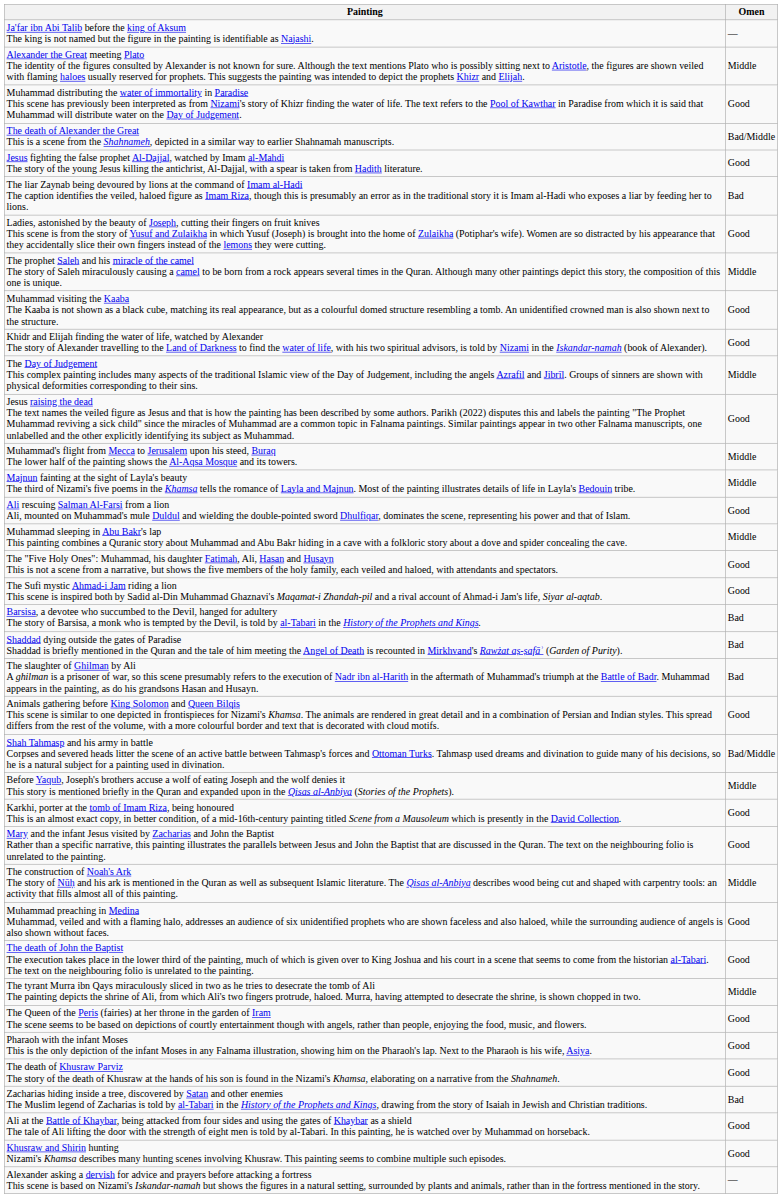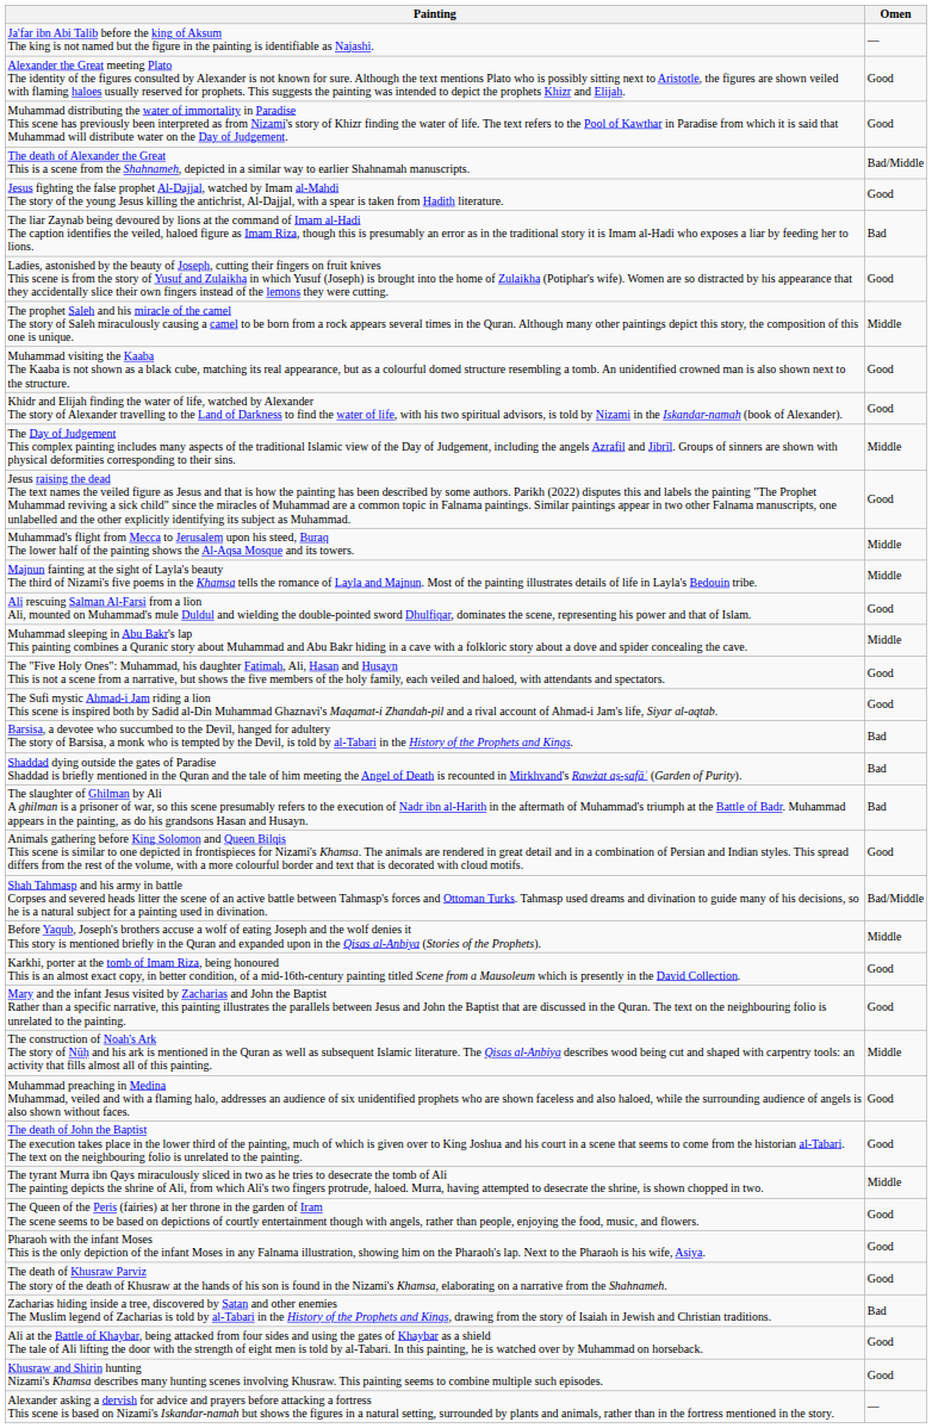 <table class="wikitable">
 <tr>
 <th>Painting</th>
 <th>Omen</th>
 </tr>
 <tr>
 <td><a href='#'>Ja'far ibn Abi Talib</a> before the <a href='#'>king of Aksum</a><br>The king is not named but the figure in the painting is identifiable as <a href='#'>Najashi</a>.</td>
 <td>—</td>
 </tr>
 <tr>
 <td><a href='#'>Alexander the Great</a> meeting <a href='#'>Plato</a><br>The identity of the figures consulted by Alexander is not known for sure. Although the text mentions Plato who is possibly sitting next to <a href='#'>Aristotle</a>, the figures are shown veiled with flaming <a href='#'>haloes</a> usually reserved for prophets. This suggests the painting was intended to depict the prophets <a href='#'>Khizr</a> and <a href='#'>Elijah</a>.</td>
-<td>Middle</td>
+<td>Good</td>
 </tr>
 <tr>
 <td>Muhammad distributing the <a href='#'>water of immortality</a> in <a href='#'>Paradise</a><br>This scene has previously been interpreted as from <a href='#'>Nizami</a>'s story of Khizr finding the water of life. The text refers to the <a href='#'>Pool of Kawthar</a> in Paradise from which it is said that Muhammad will distribute water on the <a href='#'>Day of Judgement</a>.</td>
 <td>Good</td>
 </tr>
 <tr>
 <td><a href='#'>The death of Alexander the Great</a><br>This is a scene from the <em><a href='#'>Shahnameh</a></em>, depicted in a similar way to earlier Shahnamah manuscripts.</td>
 <td>Bad/Middle</td>
 </tr>
 <tr>
 <td><a href='#'>Jesus</a> fighting the false prophet <a href='#'>Al-Dajjal</a>, watched by Imam <a href='#'>al-Mahdi</a><br>The story of the young Jesus killing the antichrist, Al-Dajjal, with a spear is taken from <a href='#'>Hadith</a> literature.</td>
 <td>Good</td>
 </tr>
 <tr>
 <td>The liar Zaynab being devoured by lions at the command of <a href='#'>Imam al-Hadi</a><br>The caption identifies the veiled, haloed figure as <a href='#'>Imam Riza</a>, though this is presumably an error as in the traditional story it is Imam al-Hadi who exposes a liar by feeding her to lions.</td>
 <td>Bad</td>
 </tr>
 <tr>
 <td>Ladies, astonished by the beauty of <a href='#'>Joseph</a>, cutting their fingers on fruit knives<br>This scene is from the story of <a href='#'>Yusuf and Zulaikha</a> in which Yusuf (Joseph) is brought into the home of <a href='#'>Zulaikha</a> (Potiphar's wife). Women are so distracted by his appearance that they accidentally slice their own fingers instead of the <a href='#'>lemons</a> they were cutting.</td>
 <td>Good</td>
 </tr>
 <tr>
 <td>The prophet <a href='#'>Saleh</a> and his <a href='#'>miracle of the camel</a><br>The story of Saleh miraculously causing a <a href='#'>camel</a>  to be born from a rock appears several times in the Quran. Although many other paintings depict this story, the composition of this one is unique.</td>
 <td>Middle</td>
 </tr>
 <tr>
 <td>Muhammad visiting the <a href='#'>Kaaba</a><br>The Kaaba is not shown as a black cube, matching its real appearance, but as a colourful domed structure resembling a tomb. An unidentified crowned man is also shown next to the structure.</td>
 <td>Good</td>
 </tr>
 <tr>
 <td>Khidr and Elijah finding the water of life, watched by Alexander<br>The story of Alexander travelling to the <a href='#'>Land of Darkness</a> to find the <a href='#'>water of life</a>, with his two spiritual advisors, is told by <a href='#'>Nizami</a> in the <em><a href='#'>Iskandar-namah</a></em> (book of Alexander).</td>
 <td>Good</td>
 </tr>
 <tr>
 <td>The <a href='#'>Day of Judgement</a><br>This complex painting includes many aspects of the traditional Islamic view of the Day of Judgement, including the angels <a href='#'>Azrafil</a> and <a href='#'>Jibrīl</a>. Groups of sinners are shown with physical deformities corresponding to their sins.</td>
 <td>Middle</td>
 </tr>
 <tr>
 <td>Jesus <a href='#'>raising the dead</a><br>The text names the veiled figure as Jesus and that is how the painting has been described by some authors. Parikh (2022) disputes this and labels the painting "The Prophet Muhammad reviving a sick child" since the miracles of Muhammad are a common topic in Falnama paintings. Similar paintings appear in two other Falnama manuscripts, one unlabelled and the other explicitly identifying its subject as Muhammad.</td>
 <td>Good</td>
 </tr>
 <tr>
 <td>Muhammad's flight from <a href='#'>Mecca</a> to <a href='#'>Jerusalem</a> upon his steed, <a href='#'>Buraq</a><br>The lower half of the painting shows the <a href='#'>Al-Aqsa Mosque</a> and its towers.</td>
 <td>Middle</td>
 </tr>
 <tr>
 <td><a href='#'>Majnun</a> fainting at the sight of Layla's beauty<br>The third of Nizami's five poems in the <em><a href='#'>Khamsa</a></em> tells the romance of <a href='#'>Layla and Majnun</a>. Most of the painting illustrates details of life in Layla's <a href='#'>Bedouin</a> tribe.</td>
 <td>Middle</td>
 </tr>
 <tr>
 <td><a href='#'>Ali</a> rescuing <a href='#'>Salman Al-Farsi</a> from a lion<br>Ali, mounted on Muhammad's mule <a href='#'>Duldul</a> and wielding the double-pointed sword <a href='#'>Dhulfiqar</a>, dominates the scene, representing his power and that of Islam.</td>
 <td>Good</td>
 </tr>
 <tr>
 <td>Muhammad sleeping in <a href='#'>Abu Bakr</a>'s lap<br>This painting combines a Quranic story about Muhammad and Abu Bakr hiding in a cave with a folkloric story about a dove and spider concealing the cave.</td>
 <td>Middle</td>
 </tr>
 <tr>
 <td>The "Five Holy Ones": Muhammad, his daughter <a href='#'>Fatimah</a>, Ali, <a href='#'>Hasan</a> and <a href='#'>Husayn</a><br>This is not a scene from a narrative, but shows the five members of the holy family, each veiled and haloed, with attendants and spectators.</td>
 <td>Good</td>
 </tr>
 <tr>
 <td>The Sufi mystic <a href='#'>Ahmad-i Jam</a> riding a lion<br>This scene is inspired both by Sadid al-Din Muhammad Ghaznavi's <em>Maqamat-i Zhandah-pil</em> and a rival account of Ahmad-i Jam's life, <em>Siyar al-aqtab</em>.</td>
 <td>Good</td>
 </tr>
 <tr>
 <td><a href='#'>Barsisa</a>, a devotee who succumbed to the Devil, hanged for adultery<br>The story of Barsisa, a monk who is tempted by the Devil, is told by <a href='#'>al-Tabari</a> in the <em><a href='#'>History of the Prophets and Kings</a>.</em></td>
 <td>Bad</td>
 </tr>
 <tr>
 <td><a href='#'>Shaddad</a> dying outside the gates of Paradise<br>Shaddad is briefly mentioned in the Quran and the tale of him meeting the <a href='#'>Angel of Death</a> is recounted in <a href='#'>Mirkhvand</a>'s <em><a href='#'>Rawżat aṣ-ṣafāʾ</a></em> (<em>Garden of Purity</em>).</td>
 <td>Bad</td>
 </tr>
 <tr>
 <td>The slaughter of <a href='#'>Ghilman</a> by Ali<br>A <em>ghilman</em> is a prisoner of war, so this scene presumably refers to the execution of <a href='#'>Nadr ibn al-Harith</a> in the aftermath of Muhammad's triumph at the <a href='#'>Battle of Badr</a>. Muhammad appears in the painting, as do his grandsons Hasan and Husayn.</td>
 <td>Bad</td>
 </tr>
 <tr>
 <td>Animals gathering before <a href='#'>King Solomon</a> and <a href='#'>Queen Bilqis</a><br>This scene is similar to one depicted in frontispieces for Nizami's <em>Khamsa</em>. The animals are rendered in great detail and in a combination of Persian and Indian styles. This spread differs from the rest of the volume, with a more colourful border and text that is decorated with cloud motifs.</td>
 <td>Good</td>
 </tr>
 <tr>
 <td><a href='#'>Shah Tahmasp</a> and his army in battle<br>Corpses and severed heads litter the scene of an active battle between Tahmasp's forces and <a href='#'>Ottoman Turks</a>. Tahmasp used dreams and divination to guide many of his decisions, so he is a natural subject for a painting used in divination.</td>
 <td>Bad/Middle</td>
 </tr>
 <tr>
 <td>Before <a href='#'>Yaqub</a>, Joseph's brothers accuse a wolf of eating Joseph and the wolf denies it<br>This story is mentioned briefly in the Quran and expanded upon in the <em><a href='#'>Qisas al-Anbiya</a></em> (<em>Stories of the Prophets</em>).</td>
 <td>Middle</td>
 </tr>
 <tr>
 <td>Karkhi, porter at the <a href='#'>tomb of Imam Riza</a>, being honoured<br>This is an almost exact copy, in better condition, of a mid-16th-century painting titled <em>Scene from a Mausoleum</em> which is presently in the <a href='#'>David Collection</a>.</td>
 <td>Good</td>
 </tr>
 <tr>
 <td><a href='#'>Mary</a> and the infant Jesus visited by <a href='#'>Zacharias</a> and John the Baptist<br>Rather than a specific narrative, this painting illustrates the parallels between Jesus and John the Baptist that are discussed in the Quran. The text on the neighbouring folio is unrelated to the painting.</td>
 <td>Good</td>
 </tr>
 <tr>
 <td>The construction of <a href='#'>Noah's Ark</a><br>The story of <a href='#'>Nūḥ</a> and his ark is mentioned in the Quran as well as subsequent Islamic literature. The <em><a href='#'>Qisas al-Anbiya</a></em> describes wood being cut and shaped with carpentry tools: an activity that fills almost all of this painting.</td>
 <td>Middle</td>
 </tr>
 <tr>
 <td>Muhammad preaching in <a href='#'>Medina</a><br>Muhammad, veiled and with a flaming halo, addresses an audience of six unidentified prophets who are shown faceless and also haloed, while the surrounding audience of angels is also shown without faces.</td>
 <td>Good</td>
 </tr>
 <tr>
 <td><a href='#'>The death of John the Baptist</a><br>The execution takes place in the lower third of the painting, much of which is given over to King Joshua and his court in a scene that seems to come from the historian <a href='#'>al-Tabari</a>. The text on the neighbouring folio is unrelated to the painting.</td>
 <td>Good</td>
 </tr>
 <tr>
 <td>The tyrant Murra ibn Qays miraculously sliced in two as he tries to desecrate the tomb of Ali<br>The painting depicts the shrine of Ali, from which Ali's two fingers protrude, haloed. Murra, having attempted to desecrate the shrine, is shown chopped in two.</td>
 <td>Middle</td>
 </tr>
 <tr>
 <td>The Queen of the <a href='#'>Peris</a> (fairies) at her throne in the garden of <a href='#'>Iram</a><br>The scene seems to be based on depictions of courtly entertainment though with angels, rather than people, enjoying the food, music, and flowers.</td>
 <td>Good</td>
 </tr>
 <tr>
 <td>Pharaoh with the infant Moses<br>This is the only depiction of the infant Moses in any Falnama illustration, showing him on the Pharaoh's lap. Next to the Pharaoh is his wife, <a href='#'>Asiya</a>.</td>
 <td>Good</td>
 </tr>
 <tr>
 <td>The death of <a href='#'>Khusraw Parviz</a><br>The story of the death of Khusraw at the hands of his son is found in the Nizami's <em>Khamsa</em>, elaborating on a narrative from the <em>Shahnameh</em>.</td>
 <td>Good</td>
 </tr>
 <tr>
 <td>Zacharias hiding inside a tree, discovered by <a href='#'>Satan</a> and other enemies<br>The Muslim legend of Zacharias is told by <a href='#'>al-Tabari</a> in the <em><a href='#'>History of the Prophets and Kings</a></em>, drawing from the story of Isaiah in Jewish and Christian traditions.</td>
 <td>Bad</td>
 </tr>
 <tr>
 <td>Ali at the <a href='#'>Battle of Khaybar</a>, being attacked from four sides and using the gates of <a href='#'>Khaybar</a> as a shield<br>The tale of Ali lifting the door with the strength of eight men is told by al-Tabari. In this painting, he is watched over by Muhammad on horseback.</td>
 <td>Good</td>
 </tr>
 <tr>
 <td><a href='#'>Khusraw and Shirin</a> hunting<br>Nizami's <em>Khamsa</em> describes many hunting scenes involving Khusraw. This painting seems to combine multiple such episodes.</td>
 <td>Good</td>
 </tr>
 <tr>
 <td>Alexander asking a <a href='#'>dervish</a> for advice and prayers before attacking a fortress<br>This scene is based on Nizami's <em>Iskandar-namah</em> but shows the figures in a natural setting, surrounded by plants and animals, rather than in the fortress mentioned in the story.</td>
 <td>—</td>
 </tr>
 </table>
